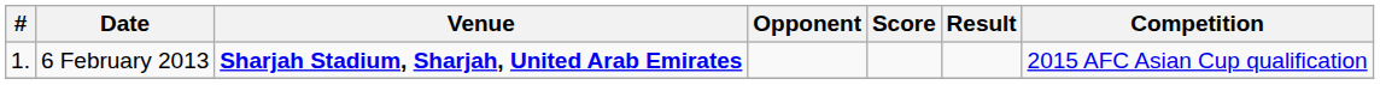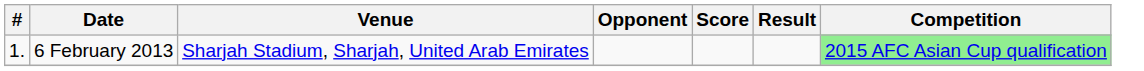 <table class="wikitable" style="font-size:90%">
 <tr>
 <th>#</th>
 <th>Date</th>
 <th>Venue</th>
 <th>Opponent</th>
 <th>Score</th>
 <th>Result</th>
 <th>Competition</th>
 </tr>
 <tr>
 <td>1.</td>
 <td>6 February 2013</td>
-<td><strong><a href='#'>Sharjah Stadium</a>, <a href='#'>Sharjah</a>, <a href='#'>United Arab Emirates</a></strong></td>
+<td><a href='#'>Sharjah Stadium</a>, <a href='#'>Sharjah</a>, <a href='#'>United Arab Emirates</a></td>
 <td></td>
 <td></td>
 <td></td>
-<td><a href='#'>2015 AFC Asian Cup qualification</a></td>
+<td style="background: lightgreen;"><a href='#'>2015 AFC Asian Cup qualification</a></td>
 </tr>
 <tr>
 </tr>
 </table>
